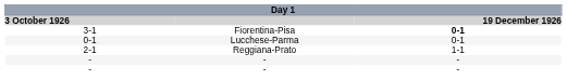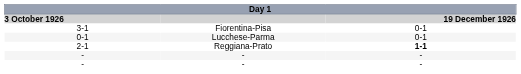 <table border=0 cellspacing=0 cellpadding=0 style="font-size: 85%; border-collapse: collapse;" width=95%>
 <tr>
 <td colspan=5 bgcolor=#98A1B2 style="border:1px solid #7A8392;text-align:center;"><span><strong>Day 1</strong></span></td>
 </tr>
 <tr bgcolor="D3D3D3">
 <th align=left>3 October 1926</th>
 <th></th>
 <th align=right>19 December 1926</th>
 </tr>
 <tr align=center bgcolor=#FFFFFF>
 <td>3-1</td>
 <td>Fiorentina-Pisa</td>
-<td><strong>0-1</strong></td>
+<td>0-1</td>
 </tr>
 <tr align=center bgcolor=#F5F5F5>
 <td>0-1</td>
 <td>Lucchese-Parma</td>
 <td>0-1</td>
 </tr>
 <tr align=center bgcolor=#FFFFFF>
 <td>2-1</td>
 <td>Reggiana-Prato</td>
-<td>1-1</td>
+<td><strong>1-1</strong></td>
 </tr>
 <tr align=center bgcolor=#F5F5F5>
 <td>-</td>
 <td>-</td>
 <td>-</td>
 </tr>
 <tr align=center bgcolor=#FFFFFF>
 <td>-</td>
 <td>-</td>
 <td>-</td>
 </tr>
 </table>
